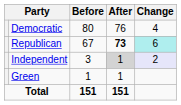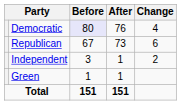 <table class="wikitable" style="text-align:center;">
 <tr>
 <th colspan="2">Party</th>
 <th>Before</th>
 <th>After</th>
 <th>Change</th>
 </tr>
 <tr>
 <th style="background-color:"></th>
 <td style="text-align:left;"><a href='#'>Democratic</a></td>
-<td>80</td>
+<td style="background: lavender;">80</td>
 <td>76</td>
 <td> 4</td>
 </tr>
 <tr>
 <th style="background-color:"></th>
 <td style="text-align:left;"><a href='#'>Republican</a></td>
 <td>67</td>
-<td><strong>73</strong></td>
-<td style="background: paleturquoise;"> 6</td>
+<td>73</td>
+<td> 6</td>
 </tr>
 <tr>
 <th style="background-color:"></th>
 <td style="text-align:left;"><a href='#'>Independent</a></td>
 <td>3</td>
-<td style="background: lightgrey;">1</td>
-<td style="background: lavender;"> 2</td>
+<td>1</td>
+<td> 2</td>
 </tr>
 <tr>
 <th style="background-color:"></th>
 <td style="text-align:left;"><a href='#'>Green</a></td>
 <td>1</td>
 <td>1</td>
 <td></td>
 </tr>
 <tr>
 <td colspan="2"><strong>Total</strong></td>
 <td><strong>151</strong></td>
 <td><strong>151</strong></td>
 <td></td>
 </tr>
 </table>
